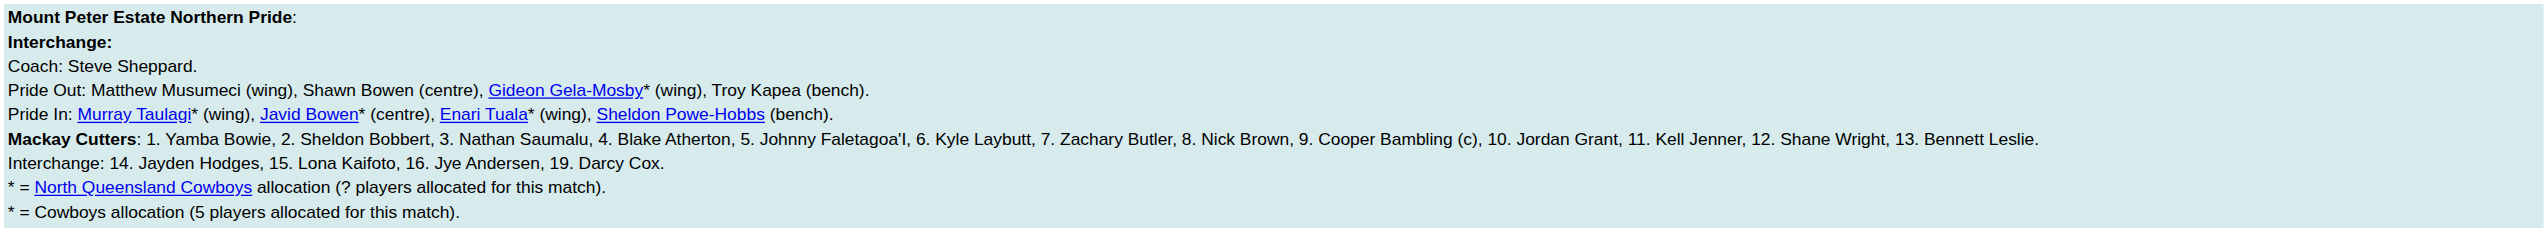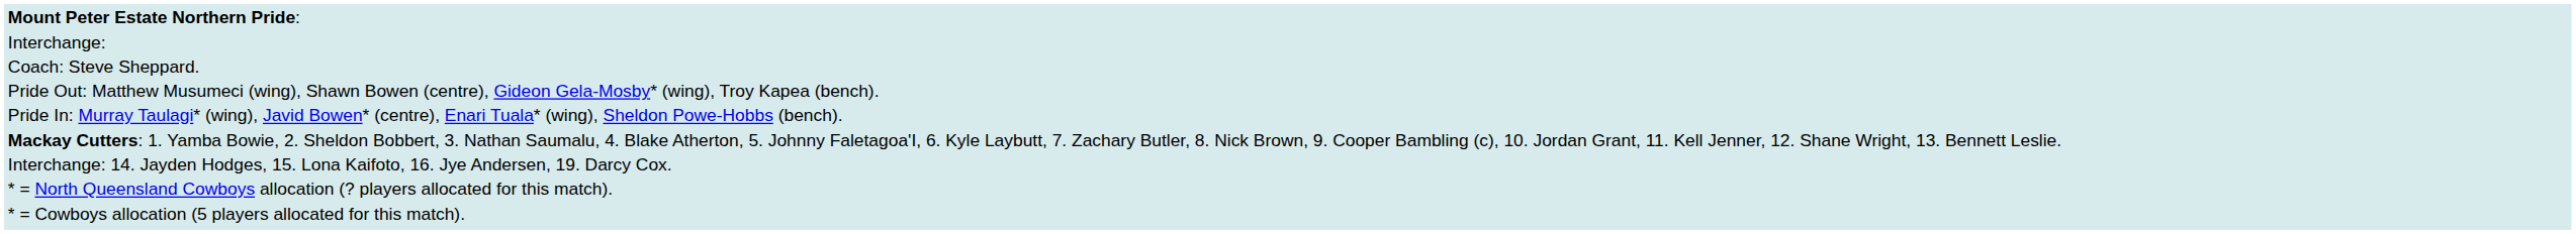 <table style="background:#d7ebed; font-size:85%; width:100%;">
 <tr>
 <td><strong>Mount Peter Estate Northern Pride</strong>:             </td>
 </tr>
 <tr>
-<td><strong>Interchange:    </strong></td>
+<td>Interchange:    </td>
 </tr>
 <tr>
 <td>Coach: Steve Sheppard.</td>
 </tr>
 <tr>
 <td>Pride Out: Matthew Musumeci (wing), Shawn Bowen (centre), <a href='#'>Gideon Gela-Mosby</a>* (wing), Troy Kapea (bench).</td>
 </tr>
 <tr>
 <td>Pride In: <a href='#'>Murray Taulagi</a>* (wing), <a href='#'>Javid Bowen</a>* (centre), <a href='#'>Enari Tuala</a>* (wing), <a href='#'>Sheldon Powe-Hobbs</a> (bench).</td>
 </tr>
 <tr>
 <td><strong>Mackay Cutters</strong>: 1. Yamba Bowie, 2. Sheldon Bobbert, 3. Nathan Saumalu, 4. Blake Atherton, 5. Johnny Faletagoa'I, 6. Kyle Laybutt, 7. Zachary Butler, 8. Nick Brown, 9. Cooper Bambling (c), 10. Jordan Grant, 11. Kell Jenner, 12. Shane Wright, 13. Bennett Leslie.</td>
 </tr>
 <tr>
 <td>Interchange: 14. Jayden Hodges, 15. Lona Kaifoto, 16. Jye Andersen, 19. Darcy Cox.</td>
 </tr>
 <tr>
 <td>* = <a href='#'>North Queensland Cowboys</a> allocation (? players allocated for this match).</td>
 </tr>
 <tr>
 <td>* = Cowboys allocation (5 players allocated for this match).</td>
 </tr>
 <tr>
 </tr>
 </table>
